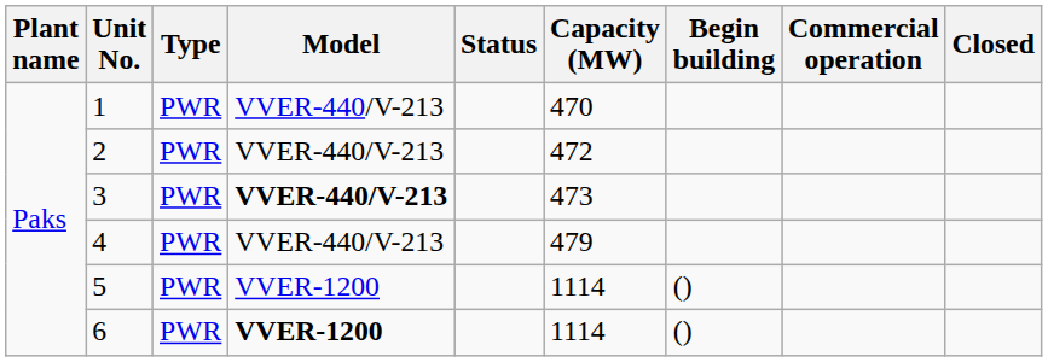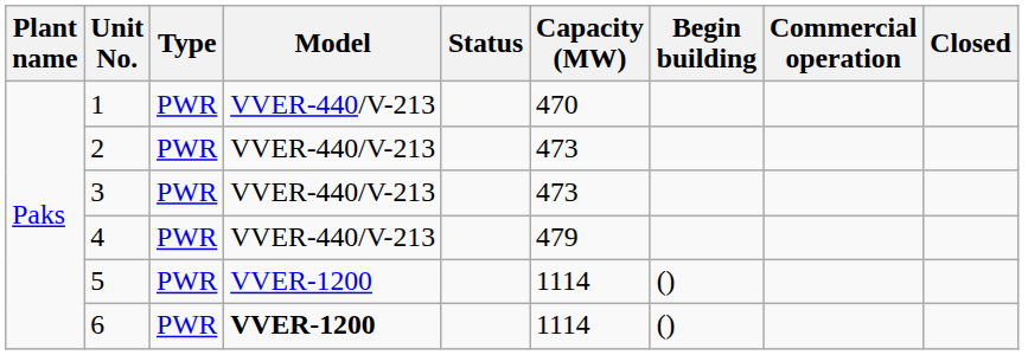 <table class="wikitable sortable mw-datatable">
 <tr>
 <th>Plant<br>name</th>
 <th>Unit<br>No.</th>
 <th>Type</th>
 <th>Model</th>
 <th>Status</th>
 <th>Capacity<br>(MW)</th>
 <th>Begin<br>building</th>
 <th>Commercial<br>operation</th>
 <th>Closed</th>
 </tr>
 <tr>
 <td rowspan=6><a href='#'>Paks</a></td>
 <td>1</td>
 <td><a href='#'>PWR</a></td>
 <td><a href='#'>VVER-440</a>/V-213</td>
 <td></td>
 <td>470</td>
 <td></td>
 <td></td>
 <td></td>
 </tr>
 <tr>
 <td>2</td>
 <td><a href='#'>PWR</a></td>
 <td>VVER-440/V-213</td>
 <td></td>
-<td>472</td>
+<td>473</td>
 <td></td>
 <td></td>
 <td></td>
 </tr>
 <tr>
 <td>3</td>
 <td><a href='#'>PWR</a></td>
-<td><strong>VVER-440/V-213</strong></td>
+<td>VVER-440/V-213</td>
 <td></td>
 <td>473</td>
 <td></td>
 <td></td>
 <td></td>
 </tr>
 <tr>
 <td>4</td>
 <td><a href='#'>PWR</a></td>
 <td>VVER-440/V-213</td>
 <td></td>
 <td>479</td>
 <td></td>
 <td></td>
 <td></td>
 </tr>
 <tr>
 <td>5</td>
 <td><a href='#'>PWR</a></td>
 <td><a href='#'>VVER-1200</a></td>
 <td></td>
 <td>1114</td>
 <td>()</td>
 <td></td>
 <td></td>
 </tr>
 <tr>
 <td>6</td>
 <td><a href='#'>PWR</a></td>
 <td><strong>VVER-1200</strong></td>
 <td></td>
 <td>1114</td>
 <td>()</td>
 <td></td>
 <td></td>
 </tr>
 </table>
